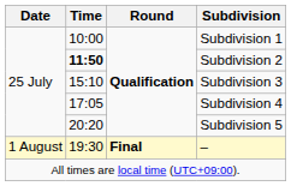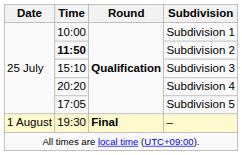 <table class="wikitable">
 <tr>
 <th>Date</th>
 <th>Time</th>
 <th>Round</th>
 <th>Subdivision</th>
 </tr>
 <tr>
 <td rowspan=5>25 July</td>
 <td>10:00</td>
 <td rowspan=5><strong>Qualification</strong></td>
 <td>Subdivision 1</td>
 </tr>
 <tr>
 <td><strong>11:50</strong></td>
 <td>Subdivision 2</td>
 </tr>
 <tr>
 <td>15:10</td>
 <td>Subdivision 3</td>
 </tr>
 <tr>
-<td>17:05</td>
+<td>20:20</td>
 <td>Subdivision 4</td>
 </tr>
 <tr>
-<td>20:20</td>
+<td>17:05</td>
 <td>Subdivision 5</td>
 </tr>
 <tr style=background:lemonchiffon>
 <td>1 August</td>
 <td>19:30</td>
 <td><strong>Final</strong></td>
 <td>–</td>
 </tr>
 <tr>
 <td colspan=4 align=center><small>All times are <a href='#'>local time</a> (<a href='#'>UTC+09:00</a>).</small></td>
 </tr>
 </table>
